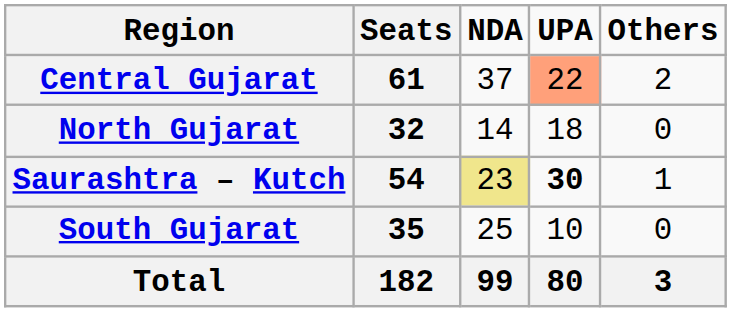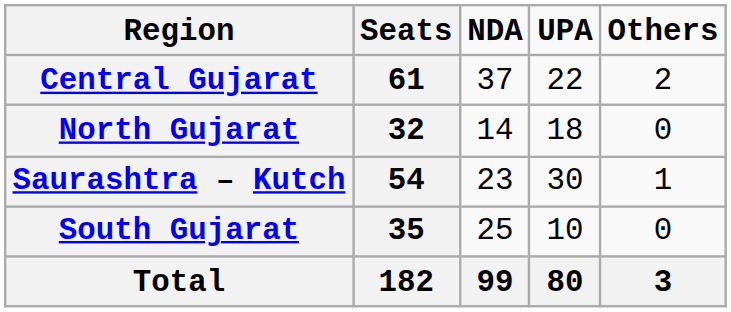 <table class="wikitable sortable" style="text-align:center;">
 <tr>
 <th>Region</th>
 <th>Seats</th>
 <td><span><strong>NDA</strong></span></td>
 <td><span><strong>UPA</strong></span></td>
 <td><span><strong>Others</strong></span></td>
 </tr>
 <tr>
 <th><a href='#'>Central Gujarat</a></th>
 <th>61</th>
 <td style="background:">37</td>
-<td style="background: lightsalmon;">22</td>
+<td>22</td>
 <td>2</td>
 </tr>
 <tr>
 <th><a href='#'>North Gujarat</a></th>
 <th>32</th>
 <td>14</td>
 <td style="background:">18</td>
 <td>0</td>
 </tr>
 <tr>
 <th><a href='#'>Saurashtra</a> <strong>–</strong> <a href='#'>Kutch</a></th>
 <th>54</th>
-<td style="background: khaki;">23</td>
-<td style="background:"><strong>30</strong></td>
+<td>23</td>
+<td style="background:">30</td>
 <td>1</td>
 </tr>
 <tr>
 <th><a href='#'>South Gujarat</a></th>
 <th>35</th>
 <td style="background:">25</td>
 <td>10</td>
 <td>0</td>
 </tr>
 <tr>
 <th>Total</th>
 <th>182</th>
 <th>99</th>
 <th>80</th>
 <th>3</th>
 </tr>
 </table>
